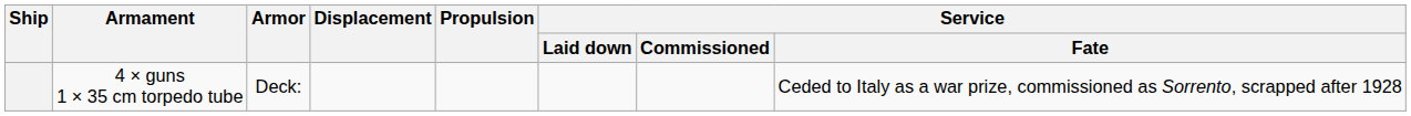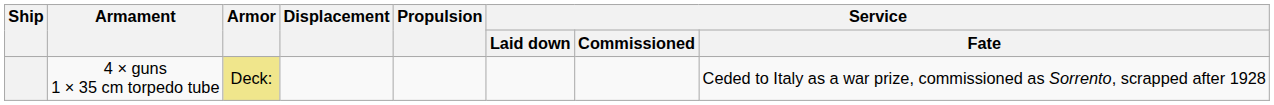 <table class="wikitable plainrowheaders" style="text-align: center;">
 <tr valign="top">
 <th scope="col" rowspan="2">Ship</th>
 <th scope="col" rowspan="2">Armament</th>
 <th scope="col" rowspan="2">Armor</th>
 <th scope="col" rowspan="2">Displacement</th>
 <th scope="col" rowspan="2">Propulsion</th>
 <th scope="col" colspan="3">Service</th>
 </tr>
 <tr valign="top">
 <th scope="col">Laid down</th>
 <th scope="col">Commissioned</th>
 <th scope="col">Fate</th>
 </tr>
 <tr valign="center">
 <th scope="row"></th>
 <td>4 ×  guns<br>1 × 35 cm torpedo tube</td>
-<td>Deck: </td>
+<td style="background: khaki;">Deck: </td>
 <td></td>
 <td></td>
 <td></td>
 <td></td>
 <td>Ceded to Italy as a war prize, commissioned as <em>Sorrento</em>, scrapped after 1928</td>
 </tr>
 </table>
